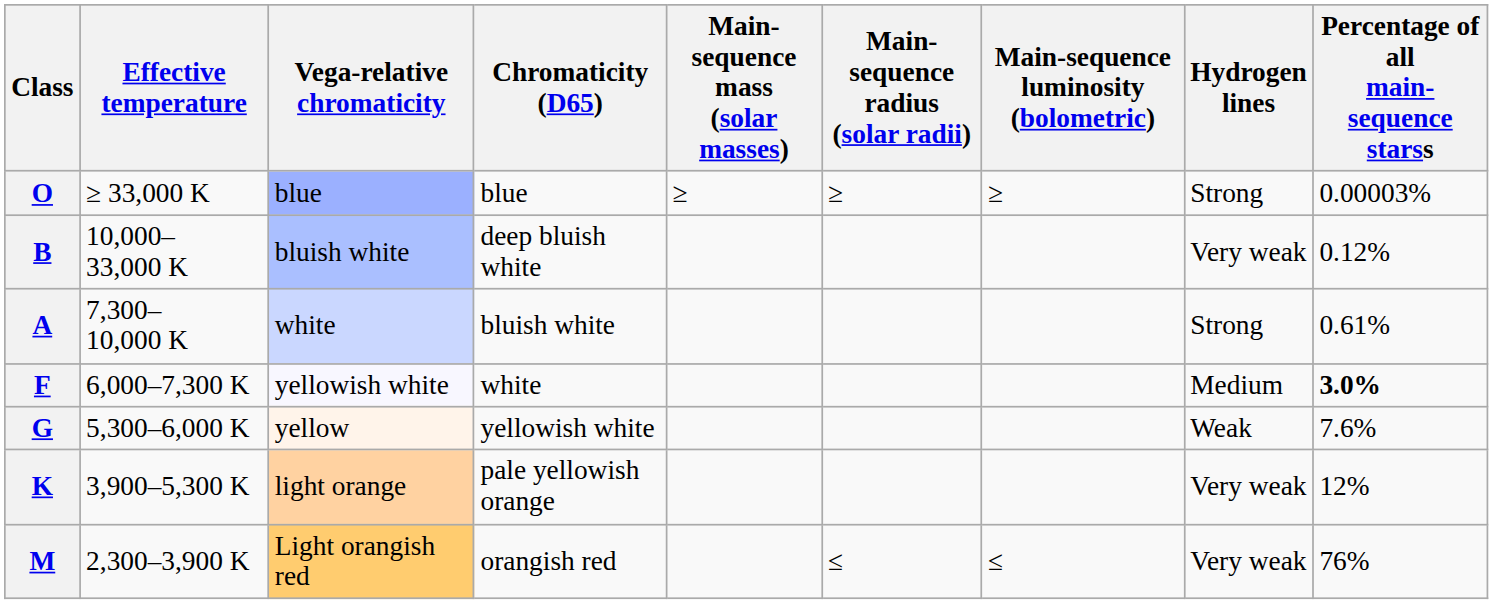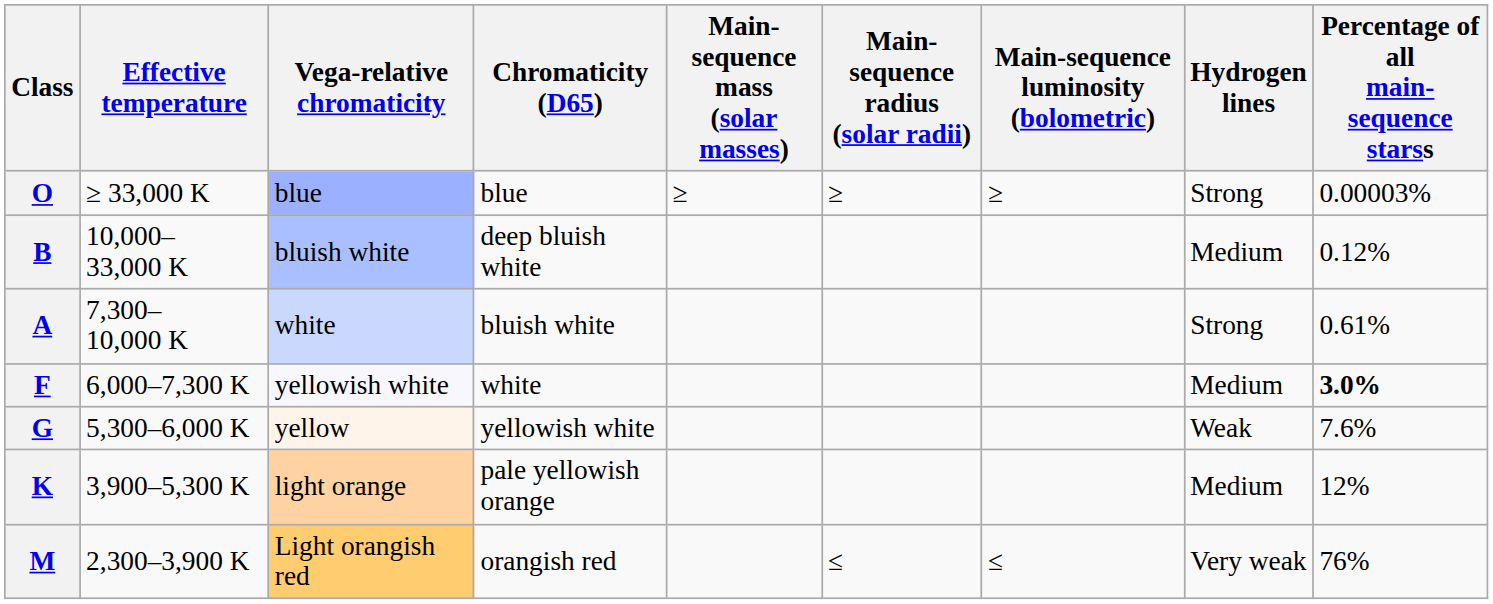 <table class="wikitable">
 <tr>
 <th>Class</th>
 <th><a href='#'>Effective temperature</a></th>
 <th abbr="Chromaticity">Vega-relative <a href='#'>chromaticity</a></th>
 <th abbr="chromaticity">Chromaticity (<a href='#'>D65</a>)</th>
 <th>Main-sequence mass<br>(<a href='#'>solar masses</a>)</th>
 <th>Main-sequence radius<br>(<a href='#'>solar radii</a>)</th>
 <th>Main-sequence luminosity<br>(<a href='#'>bolometric</a>)</th>
 <th>Hydrogen<br>lines</th>
 <th>Percentage of all<br><a href='#'>main-sequence stars</a>s</th>
 </tr>
 <tr>
 <th><a href='#'>O</a></th>
 <td>≥ 33,000 K</td>
 <td style="background:#9bb0ff;" class="mw-no-invert">blue</td>
 <td style="background:#">blue</td>
 <td>≥ </td>
 <td>≥ </td>
 <td>≥ </td>
 <td>Strong</td>
 <td>0.00003%</td>
 </tr>
 <tr>
 <th><a href='#'>B</a></th>
 <td>10,000–33,000 K</td>
 <td style="background:#aabfff;" class="mw-no-invert">bluish white</td>
 <td style="background:#">deep bluish white</td>
 <td></td>
 <td></td>
 <td></td>
-<td>Very weak</td>
+<td>Medium</td>
 <td>0.12%</td>
 </tr>
 <tr>
 <th><a href='#'>A</a></th>
 <td>7,300–10,000 K</td>
 <td style="background:#cad7ff;" class="mw-no-invert">white</td>
 <td style="background:#">bluish white</td>
 <td></td>
 <td></td>
 <td></td>
 <td>Strong</td>
 <td>0.61%</td>
 </tr>
 <tr>
 <th><a href='#'>F</a></th>
 <td>6,000–7,300 K</td>
 <td style="background:#f8f7ff;" class="mw-no-invert">yellowish white</td>
 <td style="background:#">white</td>
 <td></td>
 <td></td>
 <td></td>
 <td>Medium</td>
 <td><strong>3.0%</strong></td>
 </tr>
 <tr>
 <th><a href='#'>G</a></th>
 <td>5,300–6,000 K</td>
 <td style="background:#fff4ea;" class="mw-no-invert">yellow</td>
 <td style="background:#">yellowish white</td>
 <td></td>
 <td></td>
 <td></td>
 <td>Weak</td>
 <td>7.6%</td>
 </tr>
 <tr>
 <th><a href='#'>K</a></th>
 <td>3,900–5,300 K</td>
 <td style="background:#ffd2a1;" class="mw-no-invert">light orange</td>
 <td style="background:#">pale yellowish orange</td>
 <td></td>
 <td></td>
 <td></td>
-<td>Very weak</td>
+<td>Medium</td>
 <td>12%</td>
 </tr>
 <tr>
 <th><a href='#'>M</a></th>
 <td>2,300–3,900 K</td>
 <td style="background:#ffcc6f;" class="mw-no-invert">Light orangish red</td>
 <td style="background:#">orangish red</td>
 <td></td>
 <td>≤ </td>
 <td>≤ </td>
 <td>Very weak</td>
 <td>76%</td>
 </tr>
 </table>
